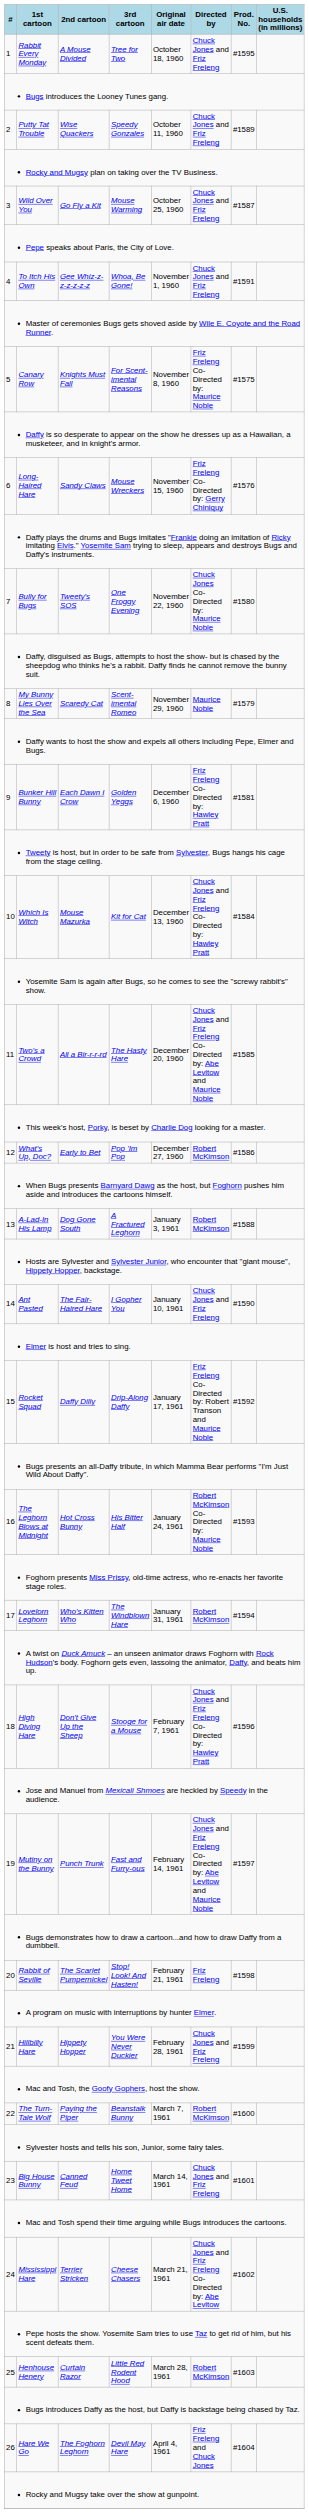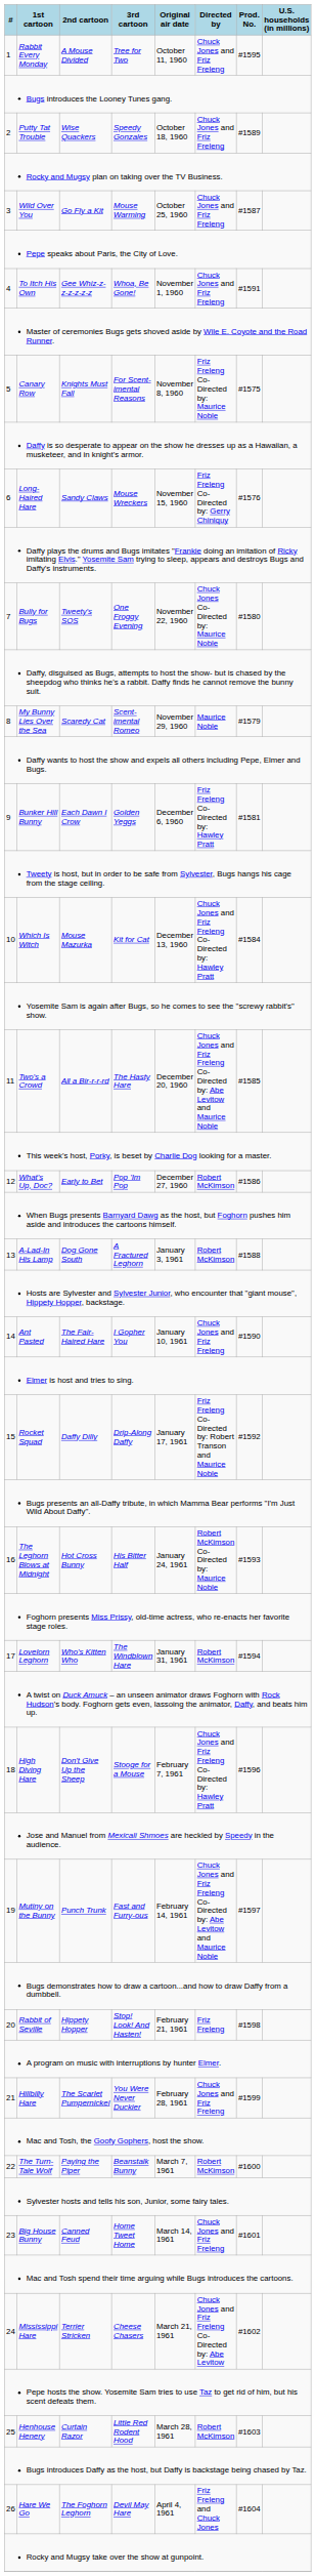 <table class="wikitable">
 <tr>
 <th style="background:lightblue;">#</th>
 <th style="background:lightblue;">1st cartoon</th>
 <th style="background:lightblue;">2nd cartoon</th>
 <th style="background:lightblue;">3rd cartoon</th>
 <th style="background:lightblue;">Original air date</th>
 <th style="background:lightblue;">Directed by</th>
 <th style="background:lightblue;">Prod. No.</th>
 <th style="background:lightblue;" position="center">U.S. households (in millions)</th>
 </tr>
 <tr>
 <td>1</td>
 <td><em><a href='#'>Rabbit Every Monday</a></em></td>
 <td><em><a href='#'>A Mouse Divided</a></em></td>
 <td><em><a href='#'>Tree for Two</a></em></td>
-<td>October 18, 1960</td>
+<td>October 11, 1960</td>
 <td><a href='#'>Chuck Jones</a> and <a href='#'>Friz Freleng</a></td>
 <td>#1595</td>
 <td></td>
 </tr>
 <tr>
 <td colspan="8"><br><ul><li><a href='#'>Bugs</a> introduces the Looney Tunes gang.</li></ul></td>
 </tr>
 <tr>
 <td>2</td>
 <td><em><a href='#'>Putty Tat Trouble</a></em></td>
 <td><em><a href='#'>Wise Quackers</a></em></td>
 <td><em><a href='#'>Speedy Gonzales</a></em></td>
-<td>October 11, 1960</td>
+<td>October 18, 1960</td>
 <td><a href='#'>Chuck Jones</a> and <a href='#'>Friz Freleng</a></td>
 <td>#1589</td>
 <td></td>
 </tr>
 <tr>
 <td colspan="8"><br><ul><li><a href='#'>Rocky and Mugsy</a> plan on taking over the TV Business.</li></ul></td>
 </tr>
 <tr>
 <td>3</td>
 <td><em><a href='#'>Wild Over You</a></em></td>
 <td><em><a href='#'>Go Fly a Kit</a></em></td>
 <td><em><a href='#'>Mouse Warming</a></em></td>
 <td>October 25, 1960</td>
 <td><a href='#'>Chuck Jones</a> and <a href='#'>Friz Freleng</a></td>
 <td>#1587</td>
 <td></td>
 </tr>
 <tr>
 <td colspan="8"><br><ul><li><a href='#'>Pepe</a> speaks about Paris, the City of Love.</li></ul></td>
 </tr>
 <tr>
 <td>4</td>
 <td><em><a href='#'>To Itch His Own</a></em></td>
 <td><em><a href='#'>Gee Whiz-z-z-z-z-z-z</a></em></td>
 <td><em><a href='#'>Whoa, Be Gone!</a></em></td>
 <td>November 1, 1960</td>
 <td><a href='#'>Chuck Jones</a> and <a href='#'>Friz Freleng</a></td>
 <td>#1591</td>
 <td></td>
 </tr>
 <tr>
 <td colspan="8"><br><ul><li>Master of ceremonies Bugs gets shoved aside by <a href='#'>Wile E. Coyote and the Road Runner</a>.</li></ul></td>
 </tr>
 <tr>
 <td>5</td>
 <td><em><a href='#'>Canary Row</a></em></td>
 <td><em><a href='#'>Knights Must Fall</a></em></td>
 <td><em><a href='#'>For Scent-imental Reasons</a></em></td>
 <td>November 8, 1960</td>
 <td><a href='#'>Friz Freleng</a><br>Co-Directed by: <a href='#'>Maurice Noble</a></td>
 <td>#1575</td>
 <td></td>
 </tr>
 <tr>
 <td colspan="8"><br><ul><li><a href='#'>Daffy</a> is so desperate to appear on the show he dresses up as a Hawaiian, a musketeer, and in knight's armor.</li></ul></td>
 </tr>
 <tr>
 <td>6</td>
 <td><em><a href='#'>Long-Haired Hare</a></em></td>
 <td><em><a href='#'>Sandy Claws</a></em></td>
 <td><em><a href='#'>Mouse Wreckers</a></em></td>
 <td>November 15, 1960</td>
 <td><a href='#'>Friz Freleng</a><br>Co-Directed by: <a href='#'>Gerry Chiniquy</a></td>
 <td>#1576</td>
 <td></td>
 </tr>
 <tr>
 <td colspan="8"><br><ul><li>Daffy plays the drums and Bugs imitates "<a href='#'>Frankie</a> doing an imitation of <a href='#'>Ricky</a> imitating <a href='#'>Elvis</a>." <a href='#'>Yosemite Sam</a> trying to sleep, appears and destroys Bugs and Daffy's instruments.</li></ul></td>
 </tr>
 <tr>
 <td>7</td>
 <td><em><a href='#'>Bully for Bugs</a></em></td>
 <td><em><a href='#'>Tweety's SOS</a></em></td>
 <td><em><a href='#'>One Froggy Evening</a></em></td>
 <td>November 22, 1960</td>
 <td><a href='#'>Chuck Jones</a><br>Co-Directed by: <a href='#'>Maurice Noble</a></td>
 <td>#1580</td>
 <td></td>
 </tr>
 <tr>
 <td colspan="8"><br><ul><li>Daffy, disguised as Bugs, attempts to host the show- but is chased by the sheepdog who thinks he's a rabbit. Daffy finds he cannot remove the bunny suit.</li></ul></td>
 </tr>
 <tr>
 <td>8</td>
 <td><em><a href='#'>My Bunny Lies Over the Sea</a></em></td>
 <td><em><a href='#'>Scaredy Cat</a></em></td>
 <td><em><a href='#'>Scent-imental Romeo</a></em></td>
 <td>November 29, 1960</td>
 <td><a href='#'>Maurice Noble</a></td>
 <td>#1579</td>
 <td></td>
 </tr>
 <tr>
 <td colspan="8"><br><ul><li>Daffy wants to host the show and expels all others including Pepe, Elmer and Bugs.</li></ul></td>
 </tr>
 <tr>
 <td>9</td>
 <td><em><a href='#'>Bunker Hill Bunny</a></em></td>
 <td><em><a href='#'>Each Dawn I Crow</a></em></td>
 <td><em><a href='#'>Golden Yeggs</a></em></td>
 <td>December 6, 1960</td>
 <td><a href='#'>Friz Freleng</a><br>Co-Directed by: <a href='#'>Hawley Pratt</a></td>
 <td>#1581</td>
 <td></td>
 </tr>
 <tr>
 <td colspan="8"><br><ul><li><a href='#'>Tweety</a> is host, but in order to be safe from <a href='#'>Sylvester</a>, Bugs hangs his cage from the stage ceiling.</li></ul></td>
 </tr>
 <tr>
 <td>10</td>
 <td><em><a href='#'>Which Is Witch</a></em></td>
 <td><em><a href='#'>Mouse Mazurka</a></em></td>
 <td><em><a href='#'>Kit for Cat</a></em></td>
 <td>December 13, 1960</td>
 <td><a href='#'>Chuck Jones</a> and <a href='#'>Friz Freleng</a><br>Co-Directed by: <a href='#'>Hawley Pratt</a></td>
 <td>#1584</td>
 <td></td>
 </tr>
 <tr>
 <td colspan="8"><br><ul><li>Yosemite Sam is again after Bugs, so he comes to see the "screwy rabbit's" show.</li></ul></td>
 </tr>
 <tr>
 <td>11</td>
 <td><a href='#'><em>Two's a Crowd</em></a></td>
 <td><em><a href='#'>All a Bir-r-r-rd</a></em></td>
 <td><em><a href='#'>The Hasty Hare</a></em></td>
 <td>December 20, 1960</td>
 <td><a href='#'>Chuck Jones</a> and <a href='#'>Friz Freleng</a><br>Co-Directed by: <a href='#'>Abe Levitow</a> and <a href='#'>Maurice Noble</a></td>
 <td>#1585</td>
 <td></td>
 </tr>
 <tr>
 <td colspan="8"><br><ul><li>This week's host, <a href='#'>Porky</a>, is beset by <a href='#'>Charlie Dog</a> looking for a master.</li></ul></td>
 </tr>
 <tr>
 <td>12</td>
 <td><em><a href='#'>What's Up, Doc?</a></em></td>
 <td><em><a href='#'>Early to Bet</a></em></td>
 <td><em><a href='#'>Pop 'Im Pop</a></em></td>
 <td>December 27, 1960</td>
 <td><a href='#'>Robert McKimson</a></td>
 <td>#1586</td>
 <td></td>
 </tr>
 <tr>
 <td colspan="8"><br><ul><li>When Bugs presents <a href='#'>Barnyard Dawg</a> as the host, but <a href='#'>Foghorn</a> pushes him aside and introduces the cartoons himself.</li></ul></td>
 </tr>
 <tr>
 <td>13</td>
 <td><em><a href='#'>A-Lad-In His Lamp</a></em></td>
 <td><em><a href='#'>Dog Gone South</a></em></td>
 <td><em><a href='#'>A Fractured Leghorn</a></em></td>
 <td>January 3, 1961</td>
 <td><a href='#'>Robert McKimson</a></td>
 <td>#1588</td>
 <td></td>
 </tr>
 <tr>
 <td colspan="8"><br><ul><li>Hosts are Sylvester and <a href='#'>Sylvester Junior</a>, who encounter that "giant mouse", <a href='#'>Hippety Hopper</a>, backstage.</li></ul></td>
 </tr>
 <tr>
 <td>14</td>
 <td><em><a href='#'>Ant Pasted</a></em></td>
 <td><em><a href='#'>The Fair-Haired Hare</a></em></td>
 <td><em><a href='#'>I Gopher You</a></em></td>
 <td>January 10, 1961</td>
 <td><a href='#'>Chuck Jones</a> and <a href='#'>Friz Freleng</a></td>
 <td>#1590</td>
 <td></td>
 </tr>
 <tr>
 <td colspan="8"><br><ul><li><a href='#'>Elmer</a> is host and tries to sing.</li></ul></td>
 </tr>
 <tr>
 <td>15</td>
 <td><em><a href='#'>Rocket Squad</a></em></td>
 <td><em><a href='#'>Daffy Dilly</a></em></td>
 <td><em><a href='#'>Drip-Along Daffy</a></em></td>
 <td>January 17, 1961</td>
 <td><a href='#'>Friz Freleng</a><br>Co-Directed by: Robert Transon and <a href='#'>Maurice Noble</a></td>
 <td>#1592</td>
 <td></td>
 </tr>
 <tr>
 <td colspan="8"><br><ul><li>Bugs presents an all-Daffy tribute, in which Mamma Bear performs "I'm Just Wild About Daffy".</li></ul></td>
 </tr>
 <tr>
 <td>16</td>
 <td><em><a href='#'>The Leghorn Blows at Midnight</a></em></td>
 <td><em><a href='#'>Hot Cross Bunny</a></em></td>
 <td><em><a href='#'>His Bitter Half</a></em></td>
 <td>January 24, 1961</td>
 <td><a href='#'>Robert McKimson</a><br>Co-Directed by: <a href='#'>Maurice Noble</a></td>
 <td>#1593</td>
 <td></td>
 </tr>
 <tr>
 <td colspan="8"><br><ul><li>Foghorn presents <a href='#'>Miss Prissy</a>, old-time actress, who re-enacts her favorite stage roles.</li></ul></td>
 </tr>
 <tr>
 <td>17</td>
 <td><em><a href='#'>Lovelorn Leghorn</a></em></td>
 <td><em><a href='#'>Who's Kitten Who</a></em></td>
 <td><em><a href='#'>The Windblown Hare</a></em></td>
 <td>January 31, 1961</td>
 <td><a href='#'>Robert McKimson</a></td>
 <td>#1594</td>
 <td></td>
 </tr>
 <tr>
 <td colspan="8"><br><ul><li>A twist on <em><a href='#'>Duck Amuck</a></em> – an unseen animator draws Foghorn with <a href='#'>Rock Hudson</a>'s body. Foghorn gets even, lassoing the animator, <a href='#'>Daffy</a>, and beats him up.</li></ul></td>
 </tr>
 <tr>
 <td>18</td>
 <td><em><a href='#'>High Diving Hare</a></em></td>
 <td><em><a href='#'>Don't Give Up the Sheep</a></em></td>
 <td><em><a href='#'>Stooge for a Mouse</a></em></td>
 <td>February 7, 1961</td>
 <td><a href='#'>Chuck Jones</a> and <a href='#'>Friz Freleng</a><br>Co-Directed by: <a href='#'>Hawley Pratt</a></td>
 <td>#1596</td>
 <td></td>
 </tr>
 <tr>
 <td colspan="8"><br><ul><li>Jose and Manuel from <em><a href='#'>Mexicali Shmoes</a></em> are heckled by <a href='#'>Speedy</a> in the audience.</li></ul></td>
 </tr>
 <tr>
 <td>19</td>
 <td><em><a href='#'>Mutiny on the Bunny</a></em></td>
 <td><em><a href='#'>Punch Trunk</a></em></td>
 <td><em><a href='#'>Fast and Furry-ous</a></em></td>
 <td>February 14, 1961</td>
 <td><a href='#'>Chuck Jones</a> and <a href='#'>Friz Freleng</a><br>Co-Directed by: <a href='#'>Abe Levitow</a> and <a href='#'>Maurice Noble</a></td>
 <td>#1597</td>
 <td></td>
 </tr>
 <tr>
 <td colspan="8"><br><ul><li>Bugs demonstrates how to draw a cartoon...and how to draw Daffy from a dumbbell.</li></ul></td>
 </tr>
 <tr>
 <td>20</td>
 <td><em><a href='#'>Rabbit of Seville</a></em></td>
-<td><em><a href='#'>The Scarlet Pumpernickel</a></em></td>
+<td><em><a href='#'>Hippety Hopper</a></em></td>
 <td><em><a href='#'>Stop! Look! And Hasten!</a></em></td>
 <td>February 21, 1961</td>
 <td><a href='#'>Friz Freleng</a></td>
 <td>#1598</td>
 <td></td>
 </tr>
 <tr>
 <td colspan="8"><br><ul><li>A program on music with interruptions by hunter <a href='#'>Elmer</a>.</li></ul></td>
 </tr>
 <tr>
 <td>21</td>
 <td><em><a href='#'>Hillbilly Hare</a></em></td>
-<td><em><a href='#'>Hippety Hopper</a></em></td>
+<td><em><a href='#'>The Scarlet Pumpernickel</a></em></td>
 <td><em><a href='#'>You Were Never Duckier</a></em></td>
 <td>February 28, 1961</td>
 <td><a href='#'>Chuck Jones</a> and <a href='#'>Friz Freleng</a></td>
 <td>#1599</td>
 <td></td>
 </tr>
 <tr>
 <td colspan="8"><br><ul><li>Mac and Tosh, the <a href='#'>Goofy Gophers</a>, host the show.</li></ul></td>
 </tr>
 <tr>
 <td>22</td>
 <td><em><a href='#'>The Turn-Tale Wolf</a></em></td>
 <td><em><a href='#'>Paying the Piper</a></em></td>
 <td><em><a href='#'>Beanstalk Bunny</a></em></td>
 <td>March 7, 1961</td>
 <td><a href='#'>Robert McKimson</a></td>
 <td>#1600</td>
 <td></td>
 </tr>
 <tr>
 <td colspan="8"><br><ul><li>Sylvester hosts and tells his son, Junior, some fairy tales.</li></ul></td>
 </tr>
 <tr>
 <td>23</td>
 <td><em><a href='#'>Big House Bunny</a></em></td>
 <td><em><a href='#'>Canned Feud</a></em></td>
 <td><em><a href='#'>Home Tweet Home</a></em></td>
 <td>March 14, 1961</td>
 <td><a href='#'>Chuck Jones</a> and <a href='#'>Friz Freleng</a></td>
 <td>#1601</td>
 <td></td>
 </tr>
 <tr>
 <td colspan="8"><br><ul><li>Mac and Tosh spend their time arguing while Bugs introduces the cartoons.</li></ul></td>
 </tr>
 <tr>
 <td>24</td>
 <td><em><a href='#'>Mississippi Hare</a></em></td>
 <td><em><a href='#'>Terrier Stricken</a></em></td>
 <td><em><a href='#'>Cheese Chasers</a></em></td>
 <td>March 21, 1961</td>
 <td><a href='#'>Chuck Jones</a> and <a href='#'>Friz Freleng</a><br>Co-Directed by: <a href='#'>Abe Levitow</a></td>
 <td>#1602</td>
 <td></td>
 </tr>
 <tr>
 <td colspan="8"><br><ul><li>Pepe hosts the show. Yosemite Sam tries to use <a href='#'>Taz</a> to get rid of him, but his scent defeats them.</li></ul></td>
 </tr>
 <tr>
 <td>25</td>
 <td><em><a href='#'>Henhouse Henery</a></em></td>
 <td><em><a href='#'>Curtain Razor</a></em></td>
 <td><em><a href='#'>Little Red Rodent Hood</a></em></td>
 <td>March 28, 1961</td>
 <td><a href='#'>Robert McKimson</a></td>
 <td>#1603</td>
 <td></td>
 </tr>
 <tr>
 <td colspan="8"><br><ul><li>Bugs introduces Daffy as the host, but Daffy is backstage being chased by Taz.</li></ul></td>
 </tr>
 <tr>
 <td>26</td>
 <td><em><a href='#'>Hare We Go</a></em></td>
 <td><em><a href='#'>The Foghorn Leghorn</a></em></td>
 <td><em><a href='#'>Devil May Hare</a></em></td>
 <td>April 4, 1961</td>
 <td><a href='#'>Friz Freleng</a> and <a href='#'>Chuck Jones</a></td>
 <td>#1604</td>
 <td></td>
 </tr>
 <tr>
 <td colspan="8"><br><ul><li>Rocky and Mugsy take over the show at gunpoint.</li></ul></td>
 </tr>
 <tr>
 </tr>
 </table>
